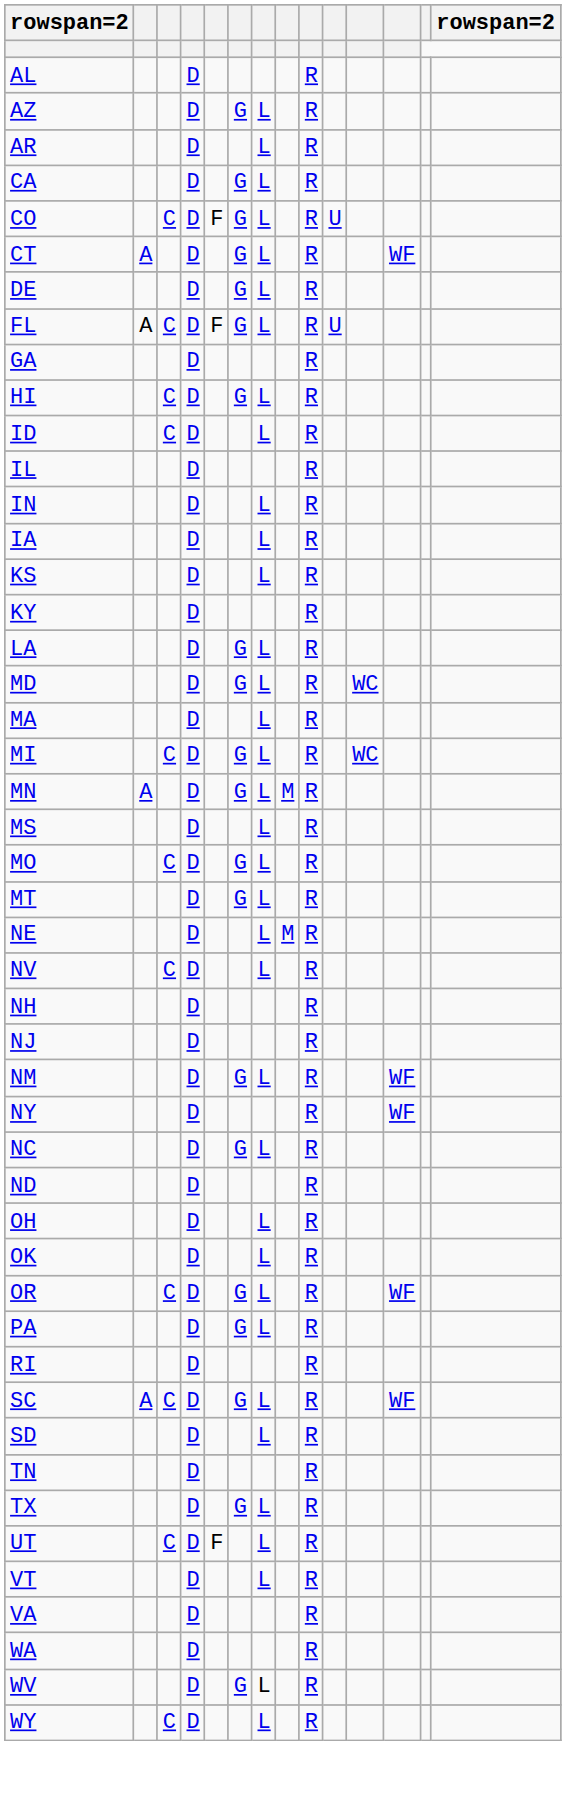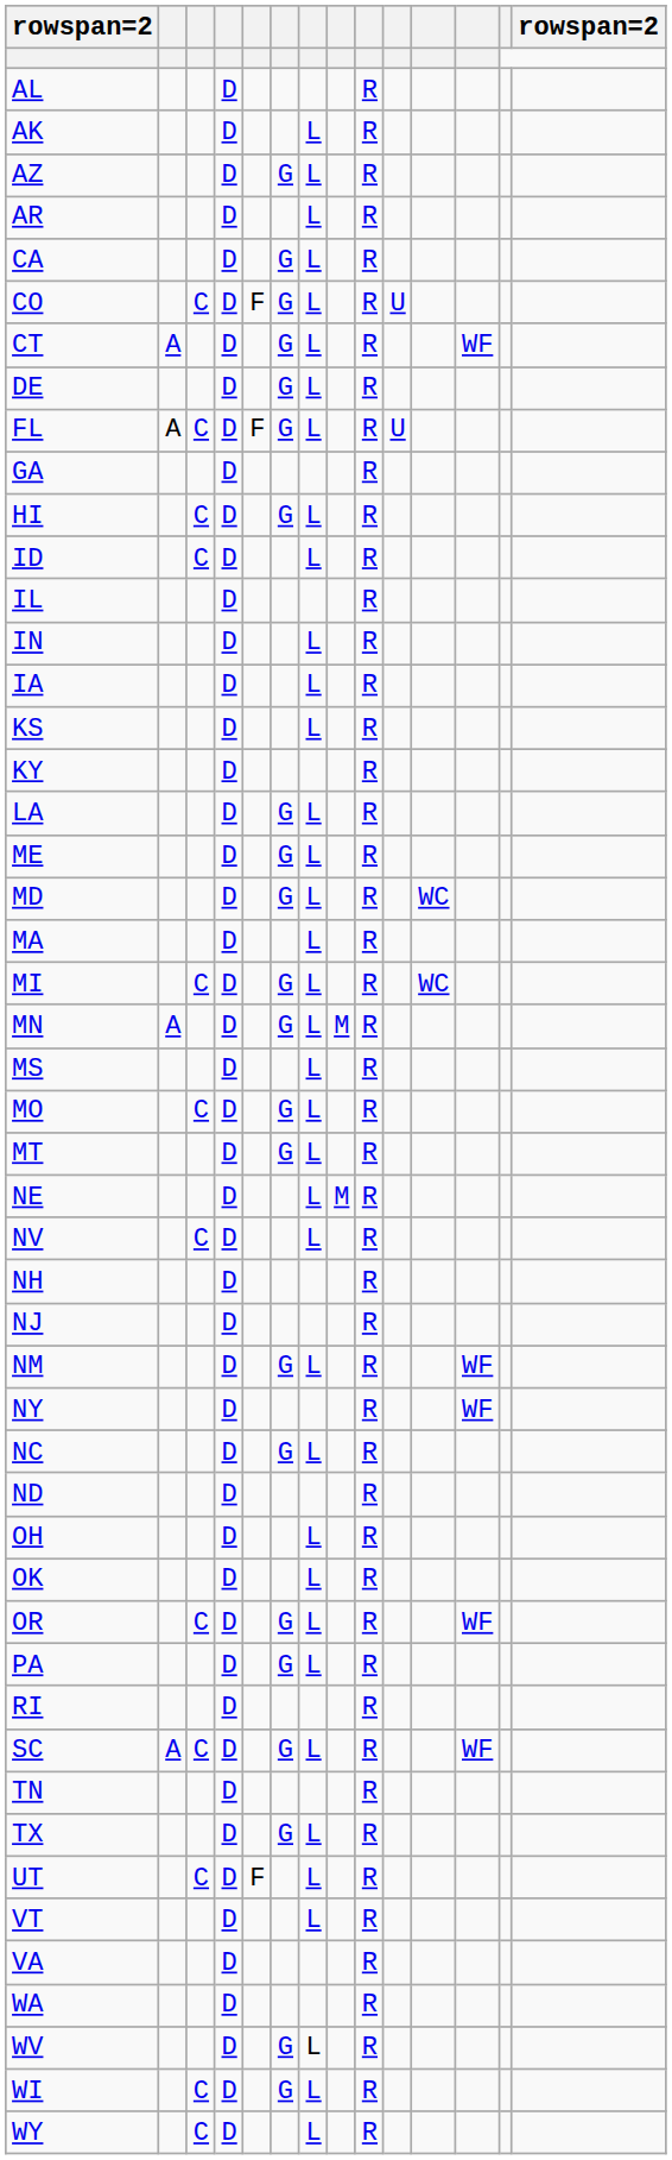 <table class="wikitable">
 <tr>
 <th>rowspan=2 </th>
 <th></th>
 <th></th>
 <th></th>
 <th></th>
 <th></th>
 <th></th>
 <th></th>
 <th></th>
 <th></th>
 <th></th>
 <th></th>
 <th></th>
 <th>rowspan=2 </th>
 </tr>
 <tr style="height:10px;">
 <th></th>
 <th></th>
 <th></th>
 <th></th>
 <th></th>
 <th></th>
 <th></th>
 <th></th>
 <th></th>
 <th></th>
 <th></th>
 <th></th>
 </tr>
 <tr>
 <td><a href='#'>AL</a></td>
 <td></td>
 <td></td>
 <td><a href='#'>D</a></td>
 <td></td>
 <td></td>
 <td></td>
+<td></td>
+<td><a href='#'>R</a></td>
+<td></td>
+<td></td>
+<td></td>
+<td></td>
+<td></td>
+</tr>
+<tr>
+<td><a href='#'>AK</a></td>
+<td></td>
+<td></td>
+<td><a href='#'>D</a></td>
+<td></td>
+<td></td>
+<td><a href='#'>L</a></td>
 <td></td>
 <td><a href='#'>R</a></td>
 <td></td>
 <td></td>
 <td></td>
 <td></td>
 <td></td>
 </tr>
 <tr>
 <td><a href='#'>AZ</a></td>
 <td></td>
 <td></td>
 <td><a href='#'>D</a></td>
 <td></td>
 <td><a href='#'>G</a></td>
 <td><a href='#'>L</a></td>
 <td></td>
 <td><a href='#'>R</a></td>
 <td></td>
 <td></td>
 <td></td>
 <td></td>
 <td></td>
 </tr>
 <tr>
 <td><a href='#'>AR</a></td>
 <td></td>
 <td></td>
 <td><a href='#'>D</a></td>
 <td></td>
 <td></td>
 <td><a href='#'>L</a></td>
 <td></td>
 <td><a href='#'>R</a></td>
 <td></td>
 <td></td>
 <td></td>
 <td></td>
 <td></td>
 </tr>
 <tr>
 <td><a href='#'>CA</a></td>
 <td></td>
 <td></td>
 <td><a href='#'>D</a></td>
 <td></td>
 <td><a href='#'>G</a></td>
 <td><a href='#'>L</a></td>
 <td></td>
 <td><a href='#'>R</a></td>
 <td></td>
 <td></td>
 <td></td>
 <td></td>
 <td></td>
 </tr>
 <tr>
 <td><a href='#'>CO</a></td>
 <td></td>
 <td><a href='#'>C</a></td>
 <td><a href='#'>D</a></td>
 <td>F</td>
 <td><a href='#'>G</a></td>
 <td><a href='#'>L</a></td>
 <td></td>
 <td><a href='#'>R</a></td>
 <td><a href='#'>U</a></td>
 <td></td>
 <td></td>
 <td></td>
 <td></td>
 </tr>
 <tr>
 <td><a href='#'>CT</a></td>
 <td><a href='#'>A</a></td>
 <td></td>
 <td><a href='#'>D</a></td>
 <td></td>
 <td><a href='#'>G</a></td>
 <td><a href='#'>L</a></td>
 <td></td>
 <td><a href='#'>R</a></td>
 <td></td>
 <td></td>
 <td><a href='#'>WF</a></td>
 <td></td>
 <td></td>
 </tr>
 <tr>
 <td><a href='#'>DE</a></td>
 <td></td>
 <td></td>
 <td><a href='#'>D</a></td>
 <td></td>
 <td><a href='#'>G</a></td>
 <td><a href='#'>L</a></td>
 <td></td>
 <td><a href='#'>R</a></td>
 <td></td>
 <td></td>
 <td></td>
 <td></td>
 <td></td>
 </tr>
 <tr>
 <td><a href='#'>FL</a></td>
 <td>A</td>
 <td><a href='#'>C</a></td>
 <td><a href='#'>D</a></td>
 <td>F</td>
 <td><a href='#'>G</a></td>
 <td><a href='#'>L</a></td>
 <td></td>
 <td><a href='#'>R</a></td>
 <td><a href='#'>U</a></td>
 <td></td>
 <td></td>
 <td></td>
 <td></td>
 </tr>
 <tr>
 <td><a href='#'>GA</a></td>
 <td></td>
 <td></td>
 <td><a href='#'>D</a></td>
 <td></td>
 <td></td>
 <td></td>
 <td></td>
 <td><a href='#'>R</a></td>
 <td></td>
 <td></td>
 <td></td>
 <td></td>
 <td></td>
 </tr>
 <tr>
 <td><a href='#'>HI</a></td>
 <td></td>
 <td><a href='#'>C</a></td>
 <td><a href='#'>D</a></td>
 <td></td>
 <td><a href='#'>G</a></td>
 <td><a href='#'>L</a></td>
 <td></td>
 <td><a href='#'>R</a></td>
 <td></td>
 <td></td>
 <td></td>
 <td></td>
 <td></td>
 </tr>
 <tr>
 <td><a href='#'>ID</a></td>
 <td></td>
 <td><a href='#'>C</a></td>
 <td><a href='#'>D</a></td>
 <td></td>
 <td></td>
 <td><a href='#'>L</a></td>
 <td></td>
 <td><a href='#'>R</a></td>
 <td></td>
 <td></td>
 <td></td>
 <td></td>
 <td></td>
 </tr>
 <tr>
 <td><a href='#'>IL</a></td>
 <td></td>
 <td></td>
 <td><a href='#'>D</a></td>
 <td></td>
 <td></td>
 <td></td>
 <td></td>
 <td><a href='#'>R</a></td>
 <td></td>
 <td></td>
 <td></td>
 <td></td>
 <td></td>
 </tr>
 <tr>
 <td><a href='#'>IN</a></td>
 <td></td>
 <td></td>
 <td><a href='#'>D</a></td>
 <td></td>
 <td></td>
 <td><a href='#'>L</a></td>
 <td></td>
 <td><a href='#'>R</a></td>
 <td></td>
 <td></td>
 <td></td>
 <td></td>
 <td></td>
 </tr>
 <tr>
 <td><a href='#'>IA</a></td>
 <td></td>
 <td></td>
 <td><a href='#'>D</a></td>
 <td></td>
 <td></td>
 <td><a href='#'>L</a></td>
 <td></td>
 <td><a href='#'>R</a></td>
 <td></td>
 <td></td>
 <td></td>
 <td></td>
 <td></td>
 </tr>
 <tr>
 <td><a href='#'>KS</a></td>
 <td></td>
 <td></td>
 <td><a href='#'>D</a></td>
 <td></td>
 <td></td>
 <td><a href='#'>L</a></td>
 <td></td>
 <td><a href='#'>R</a></td>
 <td></td>
 <td></td>
 <td></td>
 <td></td>
 <td></td>
 </tr>
 <tr>
 <td><a href='#'>KY</a></td>
 <td></td>
 <td></td>
 <td><a href='#'>D</a></td>
 <td></td>
 <td></td>
 <td></td>
 <td></td>
 <td><a href='#'>R</a></td>
 <td></td>
 <td></td>
 <td></td>
 <td></td>
 <td></td>
 </tr>
 <tr>
 <td><a href='#'>LA</a></td>
+<td></td>
+<td></td>
+<td><a href='#'>D</a></td>
+<td></td>
+<td><a href='#'>G</a></td>
+<td><a href='#'>L</a></td>
+<td></td>
+<td><a href='#'>R</a></td>
+<td></td>
+<td></td>
+<td></td>
+<td></td>
+<td></td>
+</tr>
+<tr>
+<td><a href='#'>ME</a></td>
 <td></td>
 <td></td>
 <td><a href='#'>D</a></td>
 <td></td>
 <td><a href='#'>G</a></td>
 <td><a href='#'>L</a></td>
 <td></td>
 <td><a href='#'>R</a></td>
 <td></td>
 <td></td>
 <td></td>
 <td></td>
 <td></td>
 </tr>
 <tr>
 <td><a href='#'>MD</a></td>
 <td></td>
 <td></td>
 <td><a href='#'>D</a></td>
 <td></td>
 <td><a href='#'>G</a></td>
 <td><a href='#'>L</a></td>
 <td></td>
 <td><a href='#'>R</a></td>
 <td></td>
 <td><a href='#'>WC</a></td>
 <td></td>
 <td></td>
 <td></td>
 </tr>
 <tr>
 <td><a href='#'>MA</a></td>
 <td></td>
 <td></td>
 <td><a href='#'>D</a></td>
 <td></td>
 <td></td>
 <td><a href='#'>L</a></td>
 <td></td>
 <td><a href='#'>R</a></td>
 <td></td>
 <td></td>
 <td></td>
 <td></td>
 <td></td>
 </tr>
 <tr>
 <td><a href='#'>MI</a></td>
 <td></td>
 <td><a href='#'>C</a></td>
 <td><a href='#'>D</a></td>
 <td></td>
 <td><a href='#'>G</a></td>
 <td><a href='#'>L</a></td>
 <td></td>
 <td><a href='#'>R</a></td>
 <td></td>
 <td><a href='#'>WC</a></td>
 <td></td>
 <td></td>
 <td></td>
 </tr>
 <tr>
 <td><a href='#'>MN</a></td>
 <td><a href='#'>A</a></td>
 <td></td>
 <td><a href='#'>D</a></td>
 <td></td>
 <td><a href='#'>G</a></td>
 <td><a href='#'>L</a></td>
 <td><a href='#'>M</a></td>
 <td><a href='#'>R</a></td>
 <td></td>
 <td></td>
 <td></td>
 <td></td>
 <td></td>
 </tr>
 <tr>
 <td><a href='#'>MS</a></td>
 <td></td>
 <td></td>
 <td><a href='#'>D</a></td>
 <td></td>
 <td></td>
 <td><a href='#'>L</a></td>
 <td></td>
 <td><a href='#'>R</a></td>
 <td></td>
 <td></td>
 <td></td>
 <td></td>
 <td></td>
 </tr>
 <tr>
 <td><a href='#'>MO</a></td>
 <td></td>
 <td><a href='#'>C</a></td>
 <td><a href='#'>D</a></td>
 <td></td>
 <td><a href='#'>G</a></td>
 <td><a href='#'>L</a></td>
 <td></td>
 <td><a href='#'>R</a></td>
 <td></td>
 <td></td>
 <td></td>
 <td></td>
 <td></td>
 </tr>
 <tr>
 <td><a href='#'>MT</a></td>
 <td></td>
 <td></td>
 <td><a href='#'>D</a></td>
 <td></td>
 <td><a href='#'>G</a></td>
 <td><a href='#'>L</a></td>
 <td></td>
 <td><a href='#'>R</a></td>
 <td></td>
 <td></td>
 <td></td>
 <td></td>
 <td></td>
 </tr>
 <tr>
 <td><a href='#'>NE</a></td>
 <td></td>
 <td></td>
 <td><a href='#'>D</a></td>
 <td></td>
 <td></td>
 <td><a href='#'>L</a></td>
 <td><a href='#'>M</a></td>
 <td><a href='#'>R</a></td>
 <td></td>
 <td></td>
 <td></td>
 <td></td>
 <td></td>
 </tr>
 <tr>
 <td><a href='#'>NV</a></td>
 <td></td>
 <td><a href='#'>C</a></td>
 <td><a href='#'>D</a></td>
 <td></td>
 <td></td>
 <td><a href='#'>L</a></td>
 <td></td>
 <td><a href='#'>R</a></td>
 <td></td>
 <td></td>
 <td></td>
 <td></td>
 <td></td>
 </tr>
 <tr>
 <td><a href='#'>NH</a></td>
 <td></td>
 <td></td>
 <td><a href='#'>D</a></td>
 <td></td>
 <td></td>
 <td></td>
 <td></td>
 <td><a href='#'>R</a></td>
 <td></td>
 <td></td>
 <td></td>
 <td></td>
 <td></td>
 </tr>
 <tr>
 <td><a href='#'>NJ</a></td>
 <td></td>
 <td></td>
 <td><a href='#'>D</a></td>
 <td></td>
 <td></td>
 <td></td>
 <td></td>
 <td><a href='#'>R</a></td>
 <td></td>
 <td></td>
 <td></td>
 <td></td>
 <td></td>
 </tr>
 <tr>
 <td><a href='#'>NM</a></td>
 <td></td>
 <td></td>
 <td><a href='#'>D</a></td>
 <td></td>
 <td><a href='#'>G</a></td>
 <td><a href='#'>L</a></td>
 <td></td>
 <td><a href='#'>R</a></td>
 <td></td>
 <td></td>
 <td><a href='#'>WF</a></td>
 <td></td>
 <td></td>
 </tr>
 <tr>
 <td><a href='#'>NY</a></td>
 <td></td>
 <td></td>
 <td><a href='#'>D</a></td>
 <td></td>
 <td></td>
 <td></td>
 <td></td>
 <td><a href='#'>R</a></td>
 <td></td>
 <td></td>
 <td><a href='#'>WF</a></td>
 <td></td>
 <td></td>
 </tr>
 <tr>
 <td><a href='#'>NC</a></td>
 <td></td>
 <td></td>
 <td><a href='#'>D</a></td>
 <td></td>
 <td><a href='#'>G</a></td>
 <td><a href='#'>L</a></td>
 <td></td>
 <td><a href='#'>R</a></td>
 <td></td>
 <td></td>
 <td></td>
 <td></td>
 <td></td>
 </tr>
 <tr>
 <td><a href='#'>ND</a></td>
 <td></td>
 <td></td>
 <td><a href='#'>D</a></td>
 <td></td>
 <td></td>
 <td></td>
 <td></td>
 <td><a href='#'>R</a></td>
 <td></td>
 <td></td>
 <td></td>
 <td></td>
 <td></td>
 </tr>
 <tr>
 <td><a href='#'>OH</a></td>
 <td></td>
 <td></td>
 <td><a href='#'>D</a></td>
 <td></td>
 <td></td>
 <td><a href='#'>L</a></td>
 <td></td>
 <td><a href='#'>R</a></td>
 <td></td>
 <td></td>
 <td></td>
 <td></td>
 <td></td>
 </tr>
 <tr>
 <td><a href='#'>OK</a></td>
 <td></td>
 <td></td>
 <td><a href='#'>D</a></td>
 <td></td>
 <td></td>
 <td><a href='#'>L</a></td>
 <td></td>
 <td><a href='#'>R</a></td>
 <td></td>
 <td></td>
 <td></td>
 <td></td>
 <td></td>
 </tr>
 <tr>
 <td><a href='#'>OR</a></td>
 <td></td>
 <td><a href='#'>C</a></td>
 <td><a href='#'>D</a></td>
 <td></td>
 <td><a href='#'>G</a></td>
 <td><a href='#'>L</a></td>
 <td></td>
 <td><a href='#'>R</a></td>
 <td></td>
 <td></td>
 <td><a href='#'>WF</a></td>
 <td></td>
 <td></td>
 </tr>
 <tr>
 <td><a href='#'>PA</a></td>
 <td></td>
 <td></td>
 <td><a href='#'>D</a></td>
 <td></td>
 <td><a href='#'>G</a></td>
 <td><a href='#'>L</a></td>
 <td></td>
 <td><a href='#'>R</a></td>
 <td></td>
 <td></td>
 <td></td>
 <td></td>
 <td></td>
 </tr>
 <tr>
 <td><a href='#'>RI</a></td>
 <td></td>
 <td></td>
 <td><a href='#'>D</a></td>
 <td></td>
 <td></td>
 <td></td>
 <td></td>
 <td><a href='#'>R</a></td>
 <td></td>
 <td></td>
 <td></td>
 <td></td>
 <td></td>
 </tr>
 <tr>
 <td><a href='#'>SC</a></td>
 <td><a href='#'>A</a></td>
 <td><a href='#'>C</a></td>
 <td><a href='#'>D</a></td>
 <td></td>
 <td><a href='#'>G</a></td>
 <td><a href='#'>L</a></td>
 <td></td>
 <td><a href='#'>R</a></td>
 <td></td>
 <td></td>
 <td><a href='#'>WF</a></td>
 <td></td>
 <td></td>
 </tr>
 <tr>
-<td><a href='#'>SD</a></td>
-<td></td>
-<td></td>
-<td><a href='#'>D</a></td>
-<td></td>
-<td></td>
-<td><a href='#'>L</a></td>
-<td></td>
-<td><a href='#'>R</a></td>
-<td></td>
-<td></td>
-<td></td>
-<td></td>
-<td></td>
-</tr>
-<tr>
 <td><a href='#'>TN</a></td>
 <td></td>
 <td></td>
 <td><a href='#'>D</a></td>
 <td></td>
 <td></td>
 <td></td>
 <td></td>
 <td><a href='#'>R</a></td>
 <td></td>
 <td></td>
 <td></td>
 <td></td>
 <td></td>
 </tr>
 <tr>
 <td><a href='#'>TX</a></td>
 <td></td>
 <td></td>
 <td><a href='#'>D</a></td>
 <td></td>
 <td><a href='#'>G</a></td>
 <td><a href='#'>L</a></td>
 <td></td>
 <td><a href='#'>R</a></td>
 <td></td>
 <td></td>
 <td></td>
 <td></td>
 <td></td>
 </tr>
 <tr>
 <td><a href='#'>UT</a></td>
 <td></td>
 <td><a href='#'>C</a></td>
 <td><a href='#'>D</a></td>
 <td>F</td>
 <td></td>
 <td><a href='#'>L</a></td>
 <td></td>
 <td><a href='#'>R</a></td>
 <td></td>
 <td></td>
 <td></td>
 <td></td>
 <td></td>
 </tr>
 <tr>
 <td><a href='#'>VT</a></td>
 <td></td>
 <td></td>
 <td><a href='#'>D</a></td>
 <td></td>
 <td></td>
 <td><a href='#'>L</a></td>
 <td></td>
 <td><a href='#'>R</a></td>
 <td></td>
 <td></td>
 <td></td>
 <td></td>
 <td></td>
 </tr>
 <tr>
 <td><a href='#'>VA</a></td>
 <td></td>
 <td></td>
 <td><a href='#'>D</a></td>
 <td></td>
 <td></td>
 <td></td>
 <td></td>
 <td><a href='#'>R</a></td>
 <td></td>
 <td></td>
 <td></td>
 <td></td>
 <td></td>
 </tr>
 <tr>
 <td><a href='#'>WA</a></td>
 <td></td>
 <td></td>
 <td><a href='#'>D</a></td>
 <td></td>
 <td></td>
 <td></td>
 <td></td>
 <td><a href='#'>R</a></td>
 <td></td>
 <td></td>
 <td></td>
 <td></td>
 <td></td>
 </tr>
 <tr>
 <td><a href='#'>WV</a></td>
 <td></td>
 <td></td>
 <td><a href='#'>D</a></td>
 <td></td>
 <td><a href='#'>G</a></td>
 <td>L</td>
 <td></td>
 <td><a href='#'>R</a></td>
 <td></td>
 <td></td>
 <td></td>
 <td></td>
 <td></td>
 </tr>
 <tr>
+<td><a href='#'>WI</a></td>
+<td></td>
+<td><a href='#'>C</a></td>
+<td><a href='#'>D</a></td>
+<td></td>
+<td><a href='#'>G</a></td>
+<td><a href='#'>L</a></td>
+<td></td>
+<td><a href='#'>R</a></td>
+<td></td>
+<td></td>
+<td></td>
+<td></td>
+<td></td>
+</tr>
+<tr>
 <td><a href='#'>WY</a></td>
 <td></td>
 <td><a href='#'>C</a></td>
 <td><a href='#'>D</a></td>
 <td></td>
 <td></td>
 <td><a href='#'>L</a></td>
 <td></td>
 <td><a href='#'>R</a></td>
 <td></td>
 <td></td>
 <td></td>
 <td></td>
 <td></td>
 </tr>
 </table>
